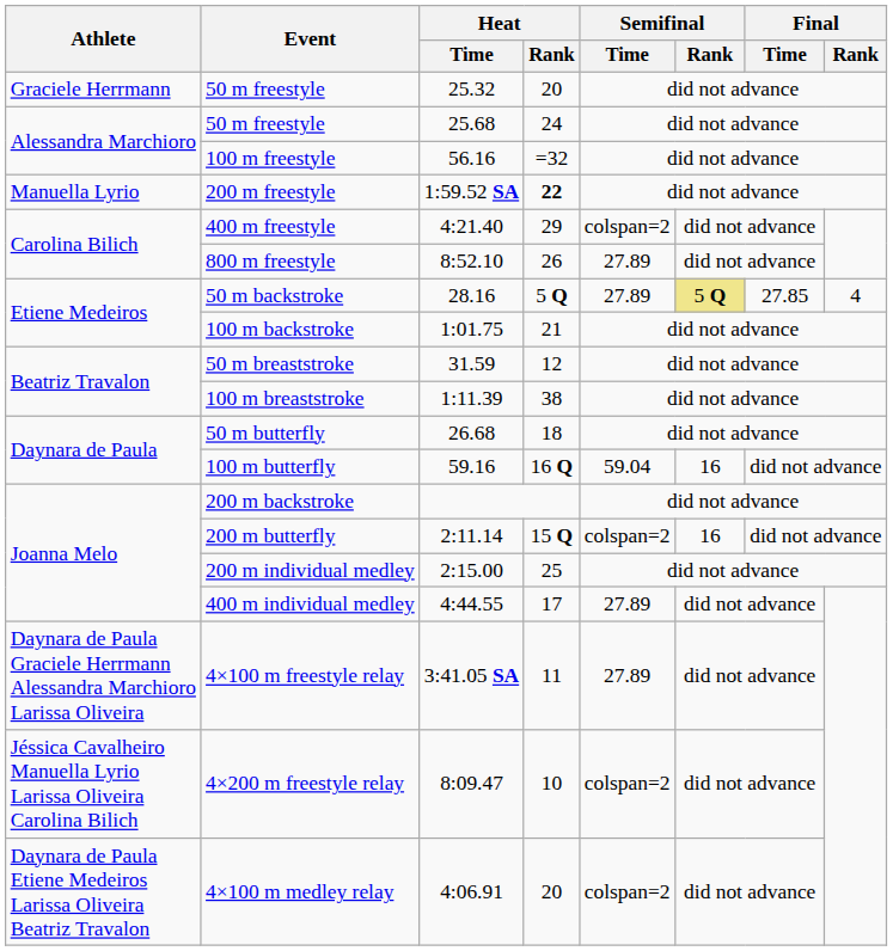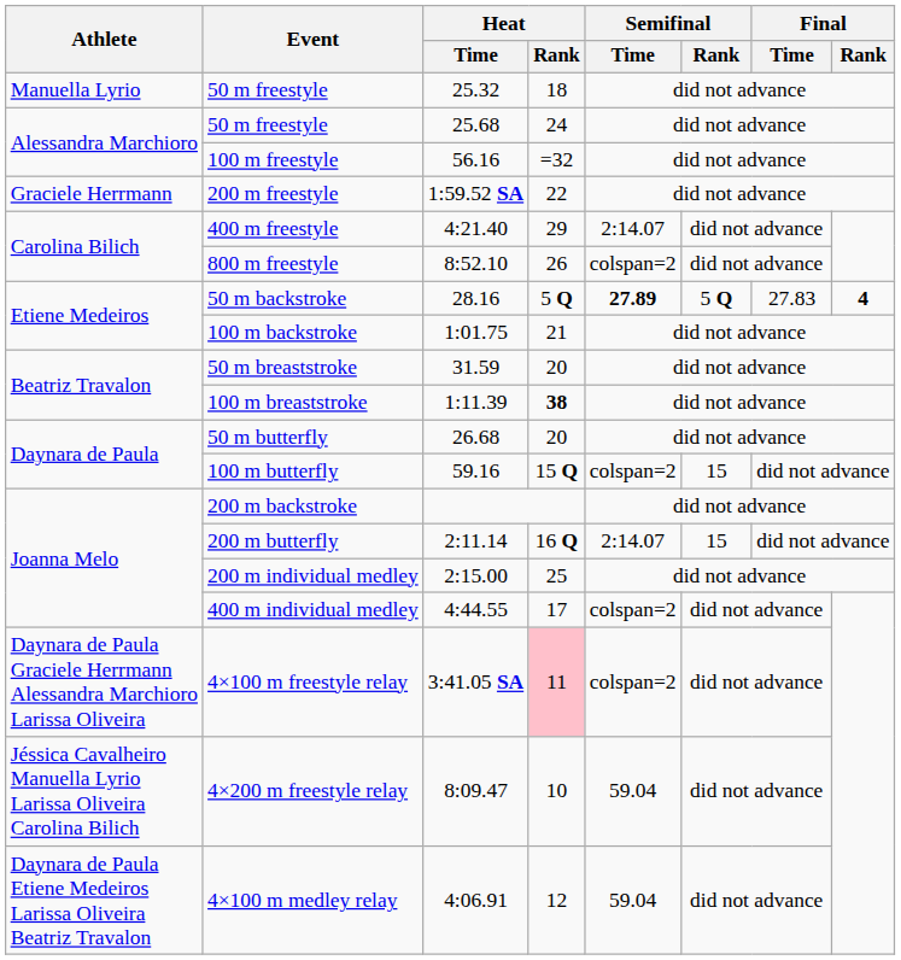 <table class=wikitable style="font-size:90%">
 <tr>
 <th rowspan="2">Athlete</th>
 <th rowspan="2">Event</th>
 <th colspan="2">Heat</th>
 <th colspan="2">Semifinal</th>
 <th colspan="2">Final</th>
 </tr>
 <tr style="font-size:95%">
 <th>Time</th>
 <th>Rank</th>
 <th>Time</th>
 <th>Rank</th>
 <th>Time</th>
 <th>Rank</th>
 </tr>
 <tr align=center>
-<td align=left><a href='#'>Graciele Herrmann</a></td>
+<td align=left><a href='#'>Manuella Lyrio</a></td>
 <td align=left><a href='#'>50 m freestyle</a></td>
 <td>25.32</td>
-<td>20</td>
+<td>18</td>
 <td colspan=4>did not advance</td>
 </tr>
 <tr align=center>
 <td align=left rowspan=2><a href='#'>Alessandra Marchioro</a></td>
 <td align=left><a href='#'>50 m freestyle</a></td>
 <td>25.68</td>
 <td>24</td>
 <td colspan=4>did not advance</td>
 </tr>
 <tr align=center>
 <td align=left><a href='#'>100 m freestyle</a></td>
 <td>56.16</td>
 <td>=32</td>
 <td colspan=4>did not advance</td>
 </tr>
 <tr align=center>
-<td align=left><a href='#'>Manuella Lyrio</a></td>
+<td align=left><a href='#'>Graciele Herrmann</a></td>
 <td align=left><a href='#'>200 m freestyle</a></td>
 <td>1:59.52 <strong><a href='#'>SA</a></strong></td>
-<td><strong>22</strong></td>
+<td>22</td>
 <td colspan=4>did not advance</td>
 </tr>
 <tr align=center>
 <td align=left rowspan=2><a href='#'>Carolina Bilich</a></td>
 <td align=left><a href='#'>400 m freestyle</a></td>
 <td>4:21.40</td>
 <td>29</td>
-<td>colspan=2 </td>
+<td>2:14.07</td>
 <td colspan=2>did not advance</td>
 </tr>
 <tr align=center>
 <td align=left><a href='#'>800 m freestyle</a></td>
 <td>8:52.10</td>
 <td>26</td>
-<td>27.89</td>
+<td>colspan=2 </td>
 <td colspan=2>did not advance</td>
 </tr>
 <tr align=center>
 <td align=left rowspan=2><a href='#'>Etiene Medeiros</a></td>
 <td align=left><a href='#'>50 m backstroke</a></td>
 <td>28.16</td>
 <td>5 <strong>Q</strong></td>
-<td>27.89</td>
-<td style="background: khaki;">5 <strong>Q</strong></td>
-<td>27.85</td>
-<td>4</td>
+<td><strong>27.89</strong></td>
+<td>5 <strong>Q</strong></td>
+<td>27.83</td>
+<td><strong>4</strong></td>
 </tr>
 <tr align=center>
 <td align=left><a href='#'>100 m backstroke</a></td>
 <td>1:01.75</td>
 <td>21</td>
 <td colspan=4>did not advance</td>
 </tr>
 <tr align=center>
 <td align=left rowspan=2><a href='#'>Beatriz Travalon</a></td>
 <td align=left><a href='#'>50 m breaststroke</a></td>
 <td>31.59</td>
-<td>12</td>
+<td>20</td>
 <td colspan=4>did not advance</td>
 </tr>
 <tr align=center>
 <td align=left><a href='#'>100 m breaststroke</a></td>
 <td>1:11.39</td>
-<td>38</td>
+<td><strong>38</strong></td>
 <td colspan=4>did not advance</td>
 </tr>
 <tr align=center>
 <td align=left rowspan=2><a href='#'>Daynara de Paula</a></td>
 <td align=left><a href='#'>50 m butterfly</a></td>
 <td>26.68</td>
-<td>18</td>
+<td>20</td>
 <td colspan=4>did not advance</td>
 </tr>
 <tr align=center>
 <td align=left><a href='#'>100 m butterfly</a></td>
 <td>59.16</td>
-<td>16 <strong>Q</strong></td>
-<td>59.04</td>
-<td>16</td>
+<td>15 <strong>Q</strong></td>
+<td>colspan=2 </td>
+<td>15</td>
 <td colspan=2>did not advance</td>
 </tr>
 <tr align=center>
 <td align=left rowspan=4><a href='#'>Joanna Melo</a></td>
 <td align=left><a href='#'>200 m backstroke</a></td>
 <td colspan=2></td>
 <td colspan=4>did not advance</td>
 </tr>
 <tr align=center>
 <td align=left><a href='#'>200 m butterfly</a></td>
 <td>2:11.14</td>
-<td>15 <strong>Q</strong></td>
-<td>colspan=2 </td>
-<td>16</td>
+<td>16 <strong>Q</strong></td>
+<td>2:14.07</td>
+<td>15</td>
 <td colspan=2>did not advance</td>
 </tr>
 <tr align=center>
 <td align=left><a href='#'>200 m individual medley</a></td>
 <td>2:15.00</td>
 <td>25</td>
 <td colspan=4>did not advance</td>
 </tr>
 <tr align=center>
 <td align=left><a href='#'>400 m individual medley</a></td>
 <td>4:44.55</td>
 <td>17</td>
-<td>27.89</td>
+<td>colspan=2 </td>
 <td colspan=2>did not advance</td>
 </tr>
 <tr align=center>
 <td align=left><a href='#'>Daynara de Paula</a><br><a href='#'>Graciele Herrmann</a><br><a href='#'>Alessandra Marchioro</a><br><a href='#'>Larissa Oliveira</a></td>
 <td align=left><a href='#'>4×100 m freestyle relay</a></td>
 <td>3:41.05 <strong><a href='#'>SA</a></strong></td>
-<td>11</td>
-<td>27.89</td>
+<td style="background: pink;">11</td>
+<td>colspan=2 </td>
 <td colspan=2>did not advance</td>
 </tr>
 <tr align=center>
 <td align=left><a href='#'>Jéssica Cavalheiro</a><br><a href='#'>Manuella Lyrio</a><br><a href='#'>Larissa Oliveira</a><br><a href='#'>Carolina Bilich</a></td>
 <td align=left><a href='#'>4×200 m freestyle relay</a></td>
 <td>8:09.47</td>
 <td>10</td>
-<td>colspan=2 </td>
+<td>59.04</td>
 <td colspan=2>did not advance</td>
 </tr>
 <tr align=center>
 <td align=left><a href='#'>Daynara de Paula</a><br><a href='#'>Etiene Medeiros</a><br><a href='#'>Larissa Oliveira</a><br><a href='#'>Beatriz Travalon</a></td>
 <td align=left><a href='#'>4×100 m medley relay</a></td>
 <td>4:06.91</td>
-<td>20</td>
-<td>colspan=2 </td>
+<td>12</td>
+<td>59.04</td>
 <td colspan=2>did not advance</td>
 </tr>
 </table>
